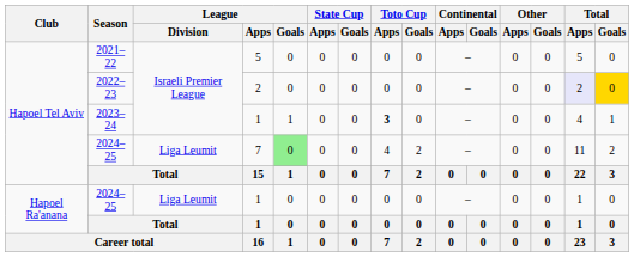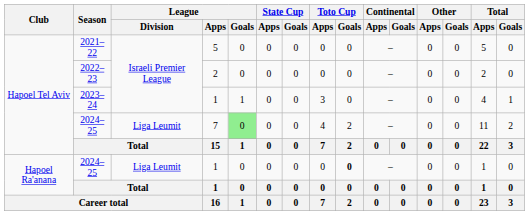 <table class="wikitable" style="text-align: center">
 <tr>
 <th rowspan="2">Club</th>
 <th rowspan="2">Season</th>
 <th colspan="3">League</th>
 <th colspan="2"><a href='#'>State Cup</a></th>
 <th colspan="2"><a href='#'>Toto Cup</a></th>
 <th colspan="2">Continental</th>
 <th colspan="2">Other</th>
 <th colspan="2">Total</th>
 </tr>
 <tr>
 <th>Division</th>
 <th>Apps</th>
 <th>Goals</th>
 <th>Apps</th>
 <th>Goals</th>
 <th>Apps</th>
 <th>Goals</th>
 <th>Apps</th>
 <th>Goals</th>
 <th>Apps</th>
 <th>Goals</th>
 <th>Apps</th>
 <th>Goals</th>
 </tr>
 <tr>
 <td rowspan="5"><a href='#'>Hapoel Tel Aviv</a></td>
 <td><a href='#'>2021–22</a></td>
 <td rowspan="3"><a href='#'>Israeli Premier League</a></td>
 <td>5</td>
 <td>0</td>
 <td>0</td>
 <td>0</td>
 <td>0</td>
 <td>0</td>
 <td colspan="2">–</td>
 <td>0</td>
 <td>0</td>
 <td>5</td>
 <td>0</td>
 </tr>
 <tr>
 <td><a href='#'>2022–23</a></td>
 <td>2</td>
 <td>0</td>
 <td>0</td>
 <td>0</td>
 <td>0</td>
 <td>0</td>
 <td colspan="2">–</td>
 <td>0</td>
 <td>0</td>
-<td style="background: lavender;">2</td>
-<td style="background: gold;">0</td>
+<td>2</td>
+<td>0</td>
 </tr>
 <tr>
 <td><a href='#'>2023–24</a></td>
 <td>1</td>
 <td>1</td>
 <td>0</td>
 <td>0</td>
-<td><strong>3</strong></td>
+<td>3</td>
 <td>0</td>
 <td colspan="2">–</td>
 <td>0</td>
 <td>0</td>
 <td>4</td>
 <td>1</td>
 </tr>
 <tr>
 <td><a href='#'>2024–25</a></td>
 <td rowspan="1"><a href='#'>Liga Leumit</a></td>
 <td>7</td>
 <td style="background: lightgreen;">0</td>
 <td>0</td>
 <td>0</td>
 <td>4</td>
 <td>2</td>
 <td colspan="2">–</td>
 <td>0</td>
 <td>0</td>
 <td>11</td>
 <td>2</td>
 </tr>
 <tr>
 <th colspan="2"><strong>Total</strong></th>
 <th>15</th>
 <th>1</th>
 <th>0</th>
 <th>0</th>
 <th>7</th>
 <th>2</th>
 <th>0</th>
 <th>0</th>
 <th>0</th>
 <th>0</th>
 <th>22</th>
 <th>3</th>
 </tr>
 <tr>
 <td rowspan="2"><a href='#'>Hapoel Ra'anana</a></td>
 <td><a href='#'>2024–25</a></td>
 <td rowspan="1"><a href='#'>Liga Leumit</a></td>
 <td>1</td>
 <td>0</td>
 <td>0</td>
 <td>0</td>
 <td>0</td>
-<td>0</td>
+<td><strong>0</strong></td>
 <td colspan="2">–</td>
 <td>0</td>
 <td>0</td>
 <td>1</td>
 <td>0</td>
 </tr>
 <tr>
 <th colspan="2"><strong>Total</strong></th>
 <th>1</th>
 <th>0</th>
 <th>0</th>
 <th>0</th>
 <th>0</th>
 <th>0</th>
 <th>0</th>
 <th>0</th>
 <th>0</th>
 <th>0</th>
 <th>1</th>
 <th>0</th>
 </tr>
 <tr>
 <th colspan="3"><strong>Career total</strong></th>
 <th>16</th>
 <th>1</th>
 <th>0</th>
 <th>0</th>
 <th>7</th>
 <th>2</th>
 <th>0</th>
 <th>0</th>
 <th>0</th>
 <th>0</th>
 <th>23</th>
 <th>3</th>
 </tr>
 </table>
